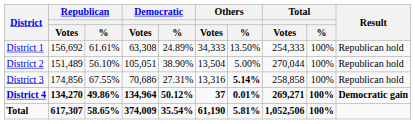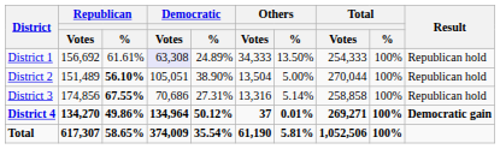 <table class="wikitable plainrowheaders sortable" style="font-size:100%; text-align:right;">
 <tr>
 <th scope=col rowspan=3><a href='#'>District</a></th>
 <th scope=col colspan=2><a href='#'>Republican</a></th>
 <th scope=col colspan=2><a href='#'>Democratic</a></th>
 <th scope=col colspan=2>Others</th>
 <th scope=col colspan=2>Total</th>
 <th scope=col rowspan=3>Result</th>
 </tr>
 <tr>
 <th scope=col colspan=2 style="background:"></th>
 <th scope=col colspan=2 style="background:"></th>
 <th scope=col colspan=2></th>
 <th scope=col colspan=2></th>
 </tr>
 <tr>
 <th scope=col data-sort-type="number">Votes</th>
 <th scope=col data-sort-type="number">%</th>
 <th scope=col data-sort-type="number">Votes</th>
 <th scope=col data-sort-type="number">%</th>
 <th scope=col data-sort-type="number">Votes</th>
 <th scope=col data-sort-type="number">%</th>
 <th scope=col data-sort-type="number">Votes</th>
 <th scope=col data-sort-type="number">%</th>
 </tr>
 <tr>
 <td align=left><a href='#'>District 1</a></td>
 <td>156,692</td>
 <td>61.61%</td>
-<td>63,308</td>
+<td style="background: lavender;">63,308</td>
 <td>24.89%</td>
 <td>34,333</td>
 <td>13.50%</td>
 <td>254,333</td>
 <td>100%</td>
 <td align=left>Republican hold</td>
 </tr>
 <tr>
 <td align=left><a href='#'>District 2</a></td>
 <td>151,489</td>
-<td>56.10%</td>
+<td><strong>56.10%</strong></td>
 <td>105,051</td>
 <td>38.90%</td>
 <td>13,504</td>
 <td>5.00%</td>
 <td>270,044</td>
 <td>100%</td>
 <td align=left>Republican hold</td>
 </tr>
 <tr>
 <td align=left><a href='#'>District 3</a></td>
 <td>174,856</td>
-<td>67.55%</td>
+<td><strong>67.55%</strong></td>
 <td>70,686</td>
 <td>27.31%</td>
 <td>13,316</td>
-<td><strong>5.14%</strong></td>
+<td>5.14%</td>
 <td>258,858</td>
 <td>100%</td>
 <td align=left>Republican hold</td>
 </tr>
 <tr>
 <td align=left><strong><a href='#'>District 4</a></strong></td>
 <td><strong>134,270</strong></td>
 <td><strong>49.86%</strong></td>
 <td><strong>134,964</strong></td>
 <td><strong>50.12%</strong></td>
 <td><strong>37</strong></td>
 <td><strong>0.01%</strong></td>
 <td><strong>269,271</strong></td>
 <td><strong>100%</strong></td>
 <td align=left><strong>Democratic gain</strong></td>
 </tr>
 <tr class="sortbottom" style="font-weight:bold">
 <td align=left>Total</td>
 <td>617,307</td>
 <td>58.65%</td>
 <td>374,009</td>
 <td>35.54%</td>
 <td>61,190</td>
 <td>5.81%</td>
 <td>1,052,506</td>
 <td>100%</td>
 <td></td>
 </tr>
 </table>
